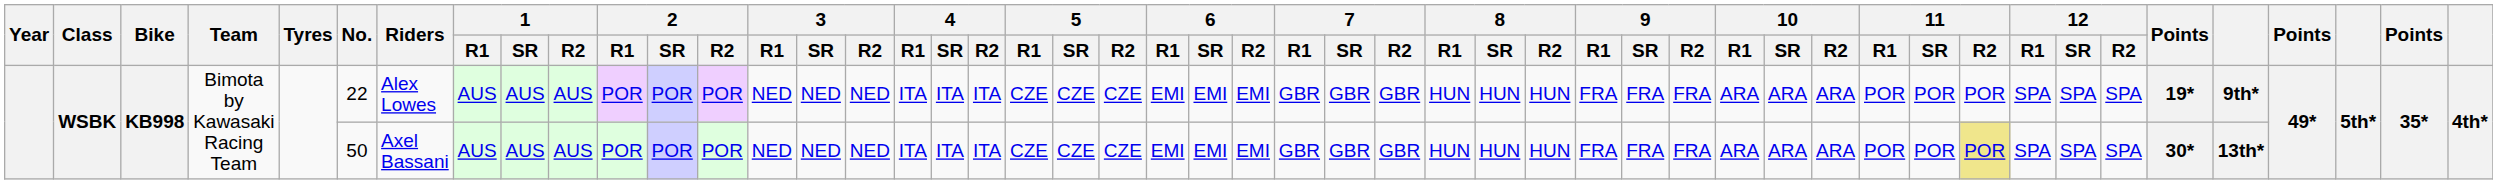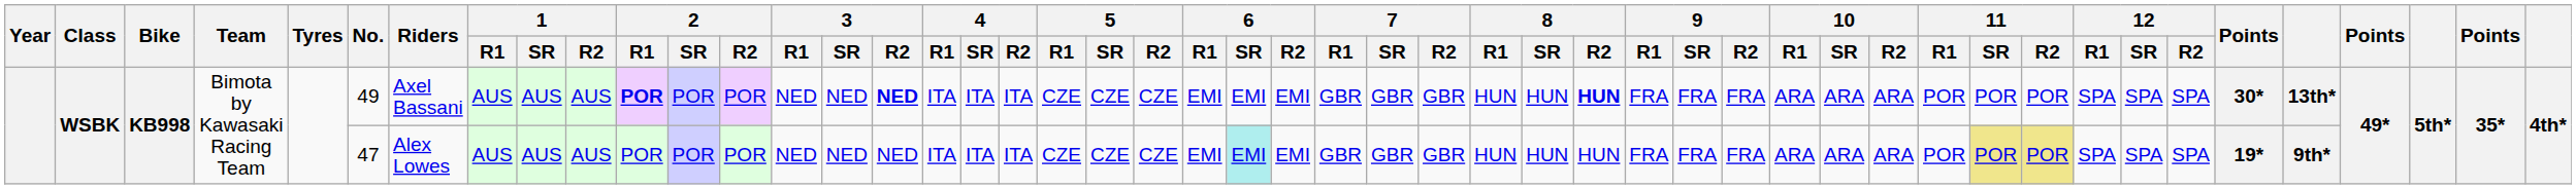 <table class="wikitable" style="text-align:center; font-size:90%;">
 <tr>
 <th rowspan="2">Year</th>
 <th rowspan="2">Class</th>
 <th rowspan="2">Bike</th>
 <th rowspan="2">Team</th>
 <th rowspan="2">Tyres</th>
 <th rowspan="2">No.</th>
 <th rowspan="2">Riders</th>
 <th colspan="3">1</th>
 <th colspan="3">2</th>
 <th colspan="3">3</th>
 <th colspan="3">4</th>
 <th colspan="3">5</th>
 <th colspan="3">6</th>
 <th colspan="3">7</th>
 <th colspan="3">8</th>
 <th colspan="3">9</th>
 <th colspan="3">10</th>
 <th colspan="3">11</th>
 <th colspan="3">12</th>
 <th rowspan="2">Points</th>
 <th rowspan="2"></th>
 <th rowspan="2">Points</th>
 <th rowspan="2"></th>
 <th rowspan="2">Points</th>
 <th rowspan="2"></th>
 </tr>
 <tr>
 <th>R1</th>
 <th>SR</th>
 <th>R2</th>
 <th>R1</th>
 <th>SR</th>
 <th>R2</th>
 <th>R1</th>
 <th>SR</th>
 <th>R2</th>
 <th>R1</th>
 <th>SR</th>
 <th>R2</th>
 <th>R1</th>
 <th>SR</th>
 <th>R2</th>
 <th>R1</th>
 <th>SR</th>
 <th>R2</th>
 <th>R1</th>
 <th>SR</th>
 <th>R2</th>
 <th>R1</th>
 <th>SR</th>
 <th>R2</th>
 <th>R1</th>
 <th>SR</th>
 <th>R2</th>
 <th>R1</th>
 <th>SR</th>
 <th>R2</th>
 <th>R1</th>
 <th>SR</th>
 <th>R2</th>
 <th>R1</th>
 <th>SR</th>
 <th>R2</th>
 </tr>
 <tr>
 <th rowspan="2"></th>
 <th rowspan="2">WSBK</th>
 <th rowspan="2">KB998</th>
 <td rowspan="2">Bimota by Kawasaki Racing Team</td>
 <td rowspan="2"></td>
-<td>22</td>
-<td style="text-align:left;"> <a href='#'>Alex Lowes</a></td>
+<td>49</td>
+<td style="text-align:left;"> <a href='#'>Axel Bassani</a></td>
 <td style="background:#DFFFDF;"><a href='#'>AUS</a><br></td>
 <td style="background:#DFFFDF;"><a href='#'>AUS</a><br></td>
 <td style="background:#DFFFDF;"><a href='#'>AUS</a><br></td>
-<td style="background:#EFCFFF;"><a href='#'>POR</a><br></td>
+<td style="background:#EFCFFF;"><strong><a href='#'>POR</a><br></strong></td>
 <td style="background:#CFCFFF;"><a href='#'>POR</a><br></td>
 <td style="background:#EFCFFF;"><a href='#'>POR</a><br></td>
 <td><a href='#'>NED</a></td>
 <td><a href='#'>NED</a></td>
-<td><a href='#'>NED</a></td>
+<td><strong><a href='#'>NED</a></strong></td>
 <td><a href='#'>ITA</a></td>
 <td><a href='#'>ITA</a></td>
 <td><a href='#'>ITA</a></td>
 <td><a href='#'>CZE</a></td>
 <td><a href='#'>CZE</a></td>
 <td><a href='#'>CZE</a></td>
 <td><a href='#'>EMI</a></td>
 <td><a href='#'>EMI</a></td>
 <td><a href='#'>EMI</a></td>
 <td><a href='#'>GBR</a></td>
 <td><a href='#'>GBR</a></td>
 <td><a href='#'>GBR</a></td>
 <td><a href='#'>HUN</a></td>
 <td><a href='#'>HUN</a></td>
-<td><a href='#'>HUN</a></td>
+<td><strong><a href='#'>HUN</a></strong></td>
 <td><a href='#'>FRA</a></td>
 <td><a href='#'>FRA</a></td>
 <td><a href='#'>FRA</a></td>
 <td><a href='#'>ARA</a></td>
 <td><a href='#'>ARA</a></td>
 <td><a href='#'>ARA</a></td>
 <td><a href='#'>POR</a></td>
 <td><a href='#'>POR</a></td>
 <td><a href='#'>POR</a></td>
 <td><a href='#'>SPA</a></td>
 <td><a href='#'>SPA</a></td>
 <td><a href='#'>SPA</a></td>
-<th>19*</th>
-<th>9th*</th>
+<th>30*</th>
+<th>13th*</th>
 <th rowspan="2" style="background:#;">49*</th>
 <th rowspan="2" style="background:#;">5th*</th>
 <th rowspan="2" style="background:#;">35*</th>
 <th rowspan="2" style="background:#;">4th*</th>
 </tr>
 <tr>
-<td>50</td>
-<td style="text-align:left;"> <a href='#'>Axel Bassani</a></td>
+<td>47</td>
+<td style="text-align:left;"> <a href='#'>Alex Lowes</a></td>
 <td style="background:#DFFFDF;"><a href='#'>AUS</a><br></td>
 <td style="background:#DFFFDF;"><a href='#'>AUS</a><br></td>
 <td style="background:#DFFFDF;"><a href='#'>AUS</a><br></td>
 <td style="background:#DFFFDF;"><a href='#'>POR</a><br></td>
 <td style="background:#CFCFFF;"><a href='#'>POR</a><br></td>
 <td style="background:#DFFFDF;"><a href='#'>POR</a><br></td>
 <td><a href='#'>NED</a></td>
 <td><a href='#'>NED</a></td>
 <td><a href='#'>NED</a></td>
 <td><a href='#'>ITA</a></td>
 <td><a href='#'>ITA</a></td>
 <td><a href='#'>ITA</a></td>
 <td><a href='#'>CZE</a></td>
 <td><a href='#'>CZE</a></td>
 <td><a href='#'>CZE</a></td>
 <td><a href='#'>EMI</a></td>
-<td><a href='#'>EMI</a></td>
+<td style="background: paleturquoise;"><a href='#'>EMI</a></td>
 <td><a href='#'>EMI</a></td>
 <td><a href='#'>GBR</a></td>
 <td><a href='#'>GBR</a></td>
 <td><a href='#'>GBR</a></td>
 <td><a href='#'>HUN</a></td>
 <td><a href='#'>HUN</a></td>
 <td><a href='#'>HUN</a></td>
 <td><a href='#'>FRA</a></td>
 <td><a href='#'>FRA</a></td>
 <td><a href='#'>FRA</a></td>
 <td><a href='#'>ARA</a></td>
 <td><a href='#'>ARA</a></td>
 <td><a href='#'>ARA</a></td>
 <td><a href='#'>POR</a></td>
-<td><a href='#'>POR</a></td>
+<td style="background: khaki;"><a href='#'>POR</a></td>
 <td style="background: khaki;"><a href='#'>POR</a></td>
 <td><a href='#'>SPA</a></td>
 <td><a href='#'>SPA</a></td>
 <td><a href='#'>SPA</a></td>
-<th>30*</th>
-<th>13th*</th>
+<th>19*</th>
+<th>9th*</th>
 </tr>
 </table>
